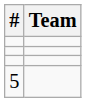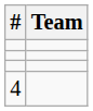 <table class="wikitable">
 <tr>
 <th>#</th>
 <th>Team</th>
 </tr>
 <tr>
 <td></td>
 <td></td>
 </tr>
 <tr>
 <td></td>
 <td></td>
 </tr>
 <tr>
 <td></td>
 <td></td>
 </tr>
 <tr>
-<td>5</td>
+<td>4</td>
 <td><em></em></td>
 </tr>
 </table>
